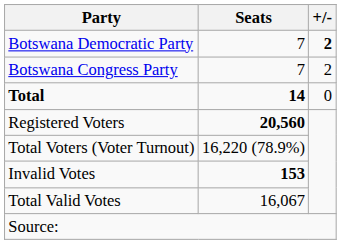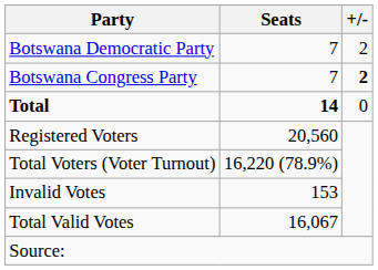 <table class=wikitable style=text-align:right>
 <tr>
 <th>Party</th>
 <th>Seats</th>
 <th>+/-</th>
 </tr>
 <tr>
 <td align=left><a href='#'>Botswana Democratic Party</a></td>
 <td>7</td>
-<td><strong>2</strong></td>
+<td>2</td>
 </tr>
 <tr>
 <td align=left><a href='#'>Botswana Congress Party</a></td>
 <td>7</td>
-<td>2</td>
+<td><strong>2</strong></td>
 </tr>
 <tr>
 <td align=left><strong>Total</strong></td>
 <td><strong>14</strong></td>
 <td>0</td>
 </tr>
 <tr>
 <td align=left>Registered Voters</td>
-<td><strong>20,560</strong></td>
+<td>20,560</td>
 </tr>
 <tr>
 <td align=left>Total Voters (Voter Turnout)</td>
 <td>16,220 (78.9%)</td>
 </tr>
 <tr>
 <td align=left>Invalid Votes</td>
-<td><strong>153</strong></td>
+<td>153</td>
 </tr>
 <tr>
 <td align=left>Total Valid Votes</td>
 <td>16,067</td>
 </tr>
 <tr>
 <td colspan=4 align=left>Source: </td>
 </tr>
 </table>
